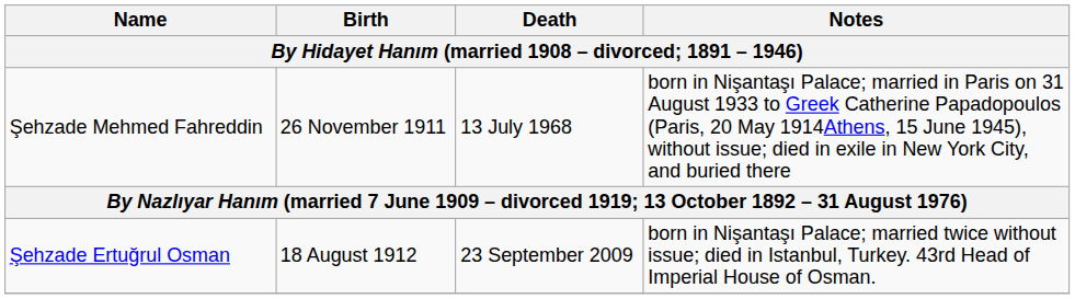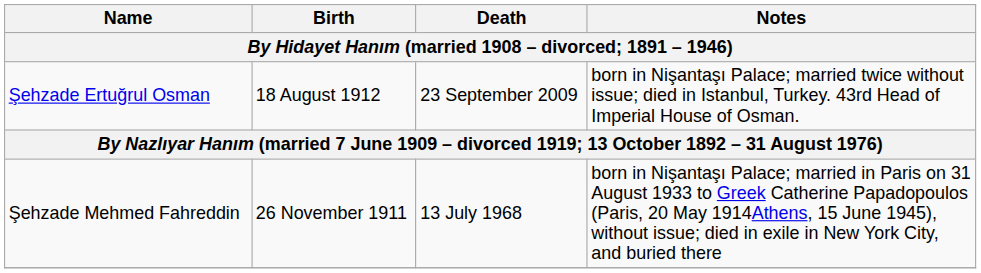 <table class="wikitable">
 <tr>
 <th>Name</th>
 <th>Birth</th>
 <th>Death</th>
 <th style="width:40%;">Notes</th>
 </tr>
 <tr>
 <th colspan="4"><strong><em>By Hidayet Hanım</em></strong> (married 1908 – divorced; 1891 – 1946)</th>
 </tr>
 <tr>
+<td><a href='#'>Şehzade Ertuğrul Osman</a></td>
+<td>18 August 1912</td>
+<td>23 September 2009</td>
+<td>born in Nişantaşı Palace; married twice without issue; died in Istanbul, Turkey. 43rd Head of Imperial House of Osman.</td>
+</tr>
+<tr>
+<th colspan="4"><strong><em>By Nazlıyar Hanım</em></strong> (married 7 June 1909 – divorced 1919; 13 October 1892 – 31 August 1976)</th>
+</tr>
+<tr>
 <td>Şehzade Mehmed Fahreddin</td>
 <td>26 November 1911</td>
 <td>13 July 1968</td>
 <td>born in Nişantaşı Palace; married in Paris on 31 August 1933 to <a href='#'>Greek</a> Catherine Papadopoulos (Paris, 20 May 1914<a href='#'>Athens</a>, 15 June 1945), without issue; died in exile in New York City, and buried there</td>
 </tr>
 <tr>
-<th colspan="4"><strong><em>By Nazlıyar Hanım</em></strong> (married 7 June 1909 – divorced 1919; 13 October 1892 – 31 August 1976)</th>
-</tr>
-<tr>
-<td><a href='#'>Şehzade Ertuğrul Osman</a></td>
-<td>18 August 1912</td>
-<td>23 September 2009</td>
-<td>born in Nişantaşı Palace; married twice without issue; died in Istanbul, Turkey. 43rd Head of Imperial House of Osman.</td>
-</tr>
-<tr>
 </tr>
 </table>
